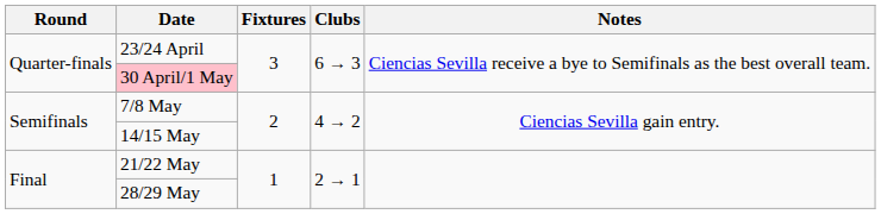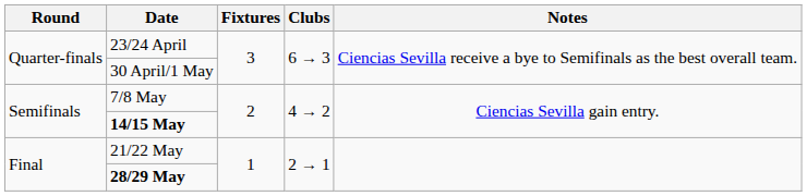 <table class="wikitable">
 <tr>
 <th>Round</th>
 <th>Date</th>
 <th>Fixtures</th>
 <th>Clubs</th>
 <th>Notes</th>
 </tr>
 <tr>
 <td rowspan="2">Quarter-finals</td>
 <td>23/24 April</td>
 <td rowspan="2" align="center">3</td>
 <td rowspan="2" align="center">6 → 3</td>
 <td rowspan="2" align="center"><a href='#'>Ciencias Sevilla</a> receive a bye to Semifinals as the best overall team.</td>
 </tr>
 <tr>
-<td style="background: pink;">30 April/1 May</td>
+<td>30 April/1 May</td>
 </tr>
 <tr>
 <td rowspan="2">Semifinals</td>
 <td>7/8 May</td>
 <td rowspan="2" align="center">2</td>
 <td rowspan="2" align="center">4 → 2</td>
 <td rowspan="2" align="center"><a href='#'>Ciencias Sevilla</a> gain entry.</td>
 </tr>
 <tr>
-<td>14/15 May</td>
+<td><strong>14/15 May</strong></td>
 </tr>
 <tr>
 <td rowspan="2">Final</td>
 <td>21/22 May</td>
 <td rowspan="2" align="center">1</td>
 <td rowspan="2" align="center">2 → 1</td>
 <td rowspan="2" align="center"></td>
 </tr>
 <tr>
-<td>28/29 May</td>
+<td><strong>28/29 May</strong></td>
 </tr>
 </table>
